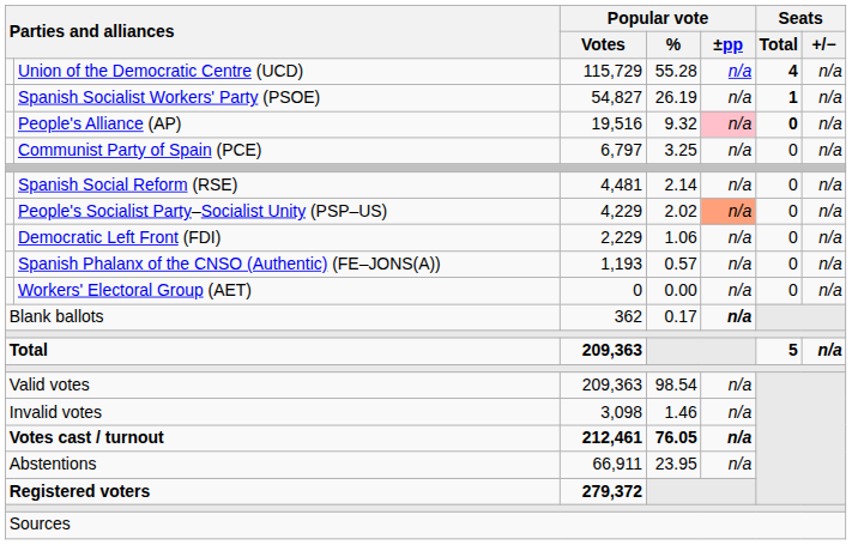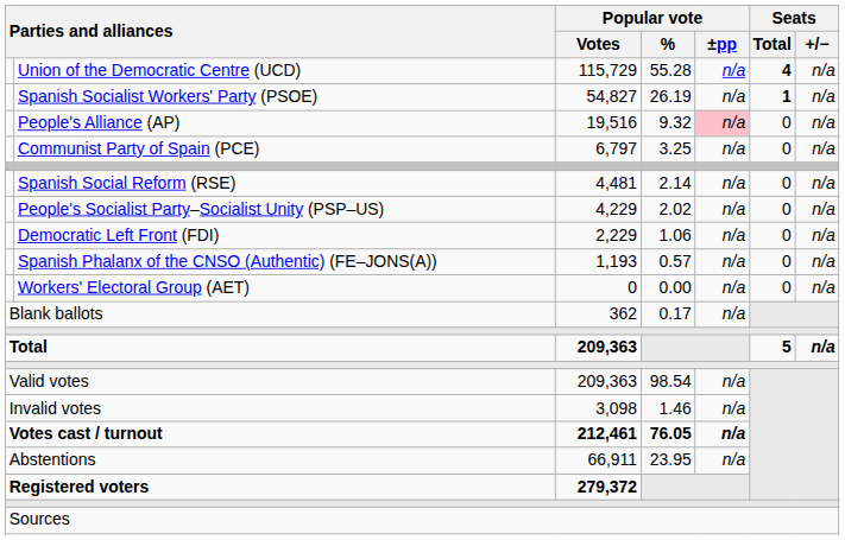 <table class="wikitable" style="text-align:right;">
 <tr>
 <th style="text-align:left;" rowspan="2" colspan="2" width="525">Parties and alliances</th>
 <th colspan="3">Popular vote</th>
 <th colspan="2">Seats</th>
 </tr>
 <tr>
 <th width="75">Votes</th>
 <th width="45">%</th>
 <th width="45">±<a href='#'>pp</a></th>
 <th width="35">Total</th>
 <th width="35">+/−</th>
 </tr>
 <tr>
 <td width="1" style="color:inherit;background:"></td>
 <td align="left"><a href='#'>Union of the Democratic Centre</a> (UCD)</td>
 <td>115,729</td>
 <td>55.28</td>
 <td><em><a href='#'>n/a</a></em></td>
 <td><strong>4</strong></td>
 <td><em>n/a</em></td>
 </tr>
 <tr>
 <td style="color:inherit;background:"></td>
 <td align="left"><a href='#'>Spanish Socialist Workers' Party</a> (PSOE)</td>
 <td>54,827</td>
 <td>26.19</td>
 <td><em>n/a</em></td>
 <td><strong>1</strong></td>
 <td><em>n/a</em></td>
 </tr>
 <tr>
 <td style="color:inherit;background:"></td>
 <td align="left"><a href='#'>People's Alliance</a> (AP)</td>
 <td>19,516</td>
 <td>9.32</td>
 <td style="background: pink;"><em>n/a</em></td>
-<td><strong>0</strong></td>
+<td>0</td>
 <td><em>n/a</em></td>
 </tr>
 <tr>
 <td style="color:inherit;background:"></td>
 <td align="left"><a href='#'>Communist Party of Spain</a> (PCE)</td>
 <td>6,797</td>
 <td>3.25</td>
 <td><em>n/a</em></td>
 <td>0</td>
 <td><em>n/a</em></td>
 </tr>
 <tr>
 <td colspan="7" bgcolor="#C0C0C0"></td>
 </tr>
 <tr>
 <td style="color:inherit;background:"></td>
 <td align="left"><a href='#'>Spanish Social Reform</a> (RSE)</td>
 <td>4,481</td>
 <td>2.14</td>
 <td><em>n/a</em></td>
 <td>0</td>
 <td><em>n/a</em></td>
 </tr>
 <tr>
 <td style="color:inherit;background:"></td>
 <td align="left"><a href='#'>People's Socialist Party</a>–<a href='#'>Socialist Unity</a> (PSP–US)</td>
 <td>4,229</td>
 <td>2.02</td>
-<td style="background: lightsalmon;"><em>n/a</em></td>
+<td><em>n/a</em></td>
 <td>0</td>
 <td><em>n/a</em></td>
 </tr>
 <tr>
 <td style="color:inherit;background:"></td>
 <td align="left"><a href='#'>Democratic Left Front</a> (FDI)</td>
 <td>2,229</td>
 <td>1.06</td>
 <td><em>n/a</em></td>
 <td>0</td>
 <td><em>n/a</em></td>
 </tr>
 <tr>
 <td style="color:inherit;background:"></td>
 <td align="left"><a href='#'>Spanish Phalanx of the CNSO (Authentic)</a> (FE–JONS(A))</td>
 <td>1,193</td>
 <td>0.57</td>
 <td><em>n/a</em></td>
 <td>0</td>
 <td><em>n/a</em></td>
 </tr>
 <tr>
 <td style="color:inherit;background:"></td>
 <td align="left"><a href='#'>Workers' Electoral Group</a> (AET)</td>
 <td>0</td>
 <td>0.00</td>
 <td><em>n/a</em></td>
 <td>0</td>
 <td><em>n/a</em></td>
 </tr>
 <tr>
 <td align="left" colspan="2">Blank ballots</td>
 <td>362</td>
 <td>0.17</td>
-<td><strong><em>n/a</em></strong></td>
+<td><em>n/a</em></td>
 <td bgcolor="#E9E9E9" colspan="2"></td>
 </tr>
 <tr>
 <td colspan="7" bgcolor="#E9E9E9"></td>
 </tr>
 <tr style="font-weight:bold;">
 <td align="left" colspan="2">Total</td>
 <td>209,363</td>
 <td bgcolor="#E9E9E9" colspan="2"></td>
 <td>5</td>
 <td><em>n/a</em></td>
 </tr>
 <tr>
 <td colspan="7" bgcolor="#E9E9E9"></td>
 </tr>
 <tr>
 <td align="left" colspan="2">Valid votes</td>
 <td>209,363</td>
 <td>98.54</td>
 <td><em>n/a</em></td>
 <td bgcolor="#E9E9E9" colspan="2" rowspan="5"></td>
 </tr>
 <tr>
 <td align="left" colspan="2">Invalid votes</td>
 <td>3,098</td>
 <td>1.46</td>
 <td><em>n/a</em></td>
 </tr>
 <tr style="font-weight:bold;">
 <td align="left" colspan="2">Votes cast / turnout</td>
 <td>212,461</td>
 <td>76.05</td>
 <td><em>n/a</em></td>
 </tr>
 <tr>
 <td align="left" colspan="2">Abstentions</td>
 <td>66,911</td>
 <td>23.95</td>
 <td><em>n/a</em></td>
 </tr>
 <tr style="font-weight:bold;">
 <td align="left" colspan="2">Registered voters</td>
 <td>279,372</td>
 <td bgcolor="#E9E9E9" colspan="2"></td>
 </tr>
 <tr>
 <td colspan="7" bgcolor="#E9E9E9"></td>
 </tr>
 <tr>
 <td align="left" colspan="7">Sources</td>
 </tr>
 </table>
